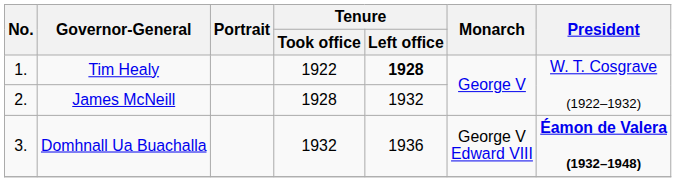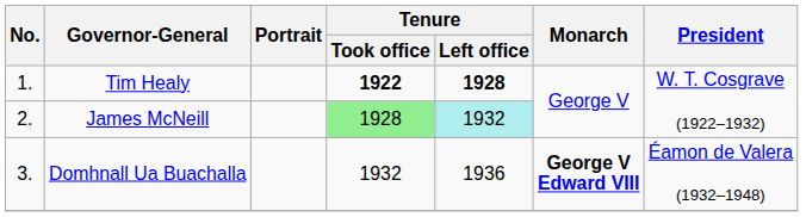 <table class="wikitable" style="text-align:center">
 <tr>
 <th rowspan=2>No.</th>
 <th rowspan=2>Governor-General<br></th>
 <th rowspan=2>Portrait</th>
 <th colspan=2>Tenure</th>
 <th rowspan=2>Monarch</th>
 <th rowspan=2><a href='#'>President</a></th>
 </tr>
 <tr>
 <th>Took office</th>
 <th>Left office</th>
 </tr>
 <tr>
 <td>1.</td>
 <td><a href='#'>Tim Healy</a><br></td>
 <td></td>
-<td> 1922</td>
+<td><strong> 1922</strong></td>
 <td><strong> 1928</strong></td>
 <td rowspan="2"><a href='#'>George V</a></td>
 <td rowspan="2"><a href='#'>W. T. Cosgrave</a><br><br><small>(1922–1932)</small></td>
 </tr>
 <tr>
 <td>2.</td>
 <td><a href='#'>James McNeill</a><br></td>
 <td></td>
-<td> 1928</td>
-<td> 1932</td>
+<td style="background: lightgreen;"> 1928</td>
+<td style="background: paleturquoise;"> 1932</td>
 </tr>
 <tr>
 <td>3.</td>
 <td><a href='#'>Domhnall Ua Buachalla</a><br></td>
 <td></td>
 <td> 1932</td>
 <td> 1936</td>
-<td>George V<br><a href='#'>Edward VIII</a></td>
-<td><strong><a href='#'>Éamon de Valera</a><br><br><small>(1932–1948)</small></strong></td>
+<td><strong>George V<br><a href='#'>Edward VIII</a></strong></td>
+<td><a href='#'>Éamon de Valera</a><br><br><small>(1932–1948)</small></td>
 </tr>
 <tr>
 </tr>
 </table>
